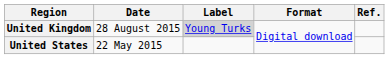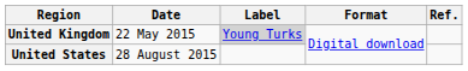 <table class="wikitable plainrowheaders">
 <tr>
 <th scope="col">Region</th>
 <th scope="col">Date</th>
 <th scope="col">Label</th>
 <th scope="col">Format</th>
 <th scope="col">Ref.</th>
 </tr>
 <tr>
 <th scope="row">United Kingdom</th>
-<td>28 August 2015</td>
+<td>22 May 2015</td>
 <td style="background: lightgrey;"><a href='#'>Young Turks</a></td>
 <td rowspan="2"><a href='#'>Digital download</a></td>
 <td></td>
 </tr>
 <tr>
 <th scope="row">United States</th>
-<td>22 May 2015</td>
+<td>28 August 2015</td>
 <td></td>
 <td></td>
 </tr>
 </table>
